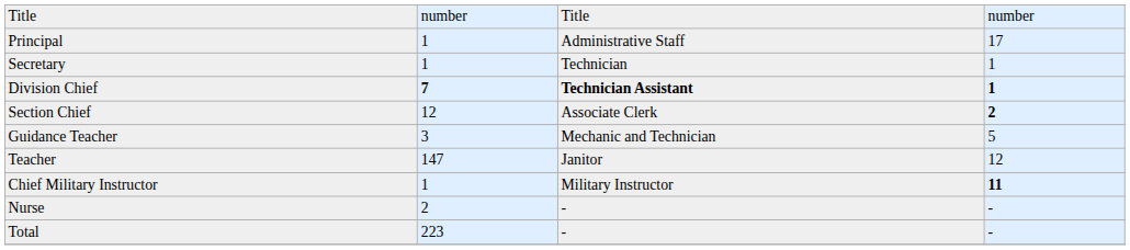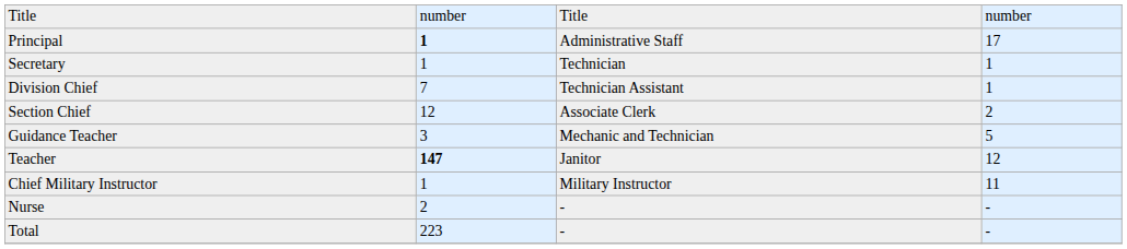 <table class="wikitable" width="75%">
 <tr ---->
 <td bgcolor="#efefef">Title</td>
 <td bgcolor="#dfefff">number</td>
 <td bgcolor="#efefef">Title</td>
 <td bgcolor="#dfefff">number</td>
 </tr>
 <tr ---->
 <td bgcolor="#efefef">Principal</td>
-<td bgcolor="#dfefff">1</td>
+<td bgcolor="#dfefff"><strong>1</strong></td>
 <td bgcolor="#efefef">Administrative Staff</td>
 <td bgcolor="#dfefff">17</td>
 </tr>
 <tr ---->
 <td bgcolor="#efefef">Secretary</td>
 <td bgcolor="#dfefff">1</td>
 <td bgcolor="#efefef">Technician</td>
 <td bgcolor="#dfefff">1</td>
 </tr>
 <tr ---->
 <td bgcolor="#efefef">Division Chief</td>
-<td bgcolor="#dfefff"><strong>7</strong></td>
-<td bgcolor="#efefef"><strong>Technician Assistant</strong></td>
-<td bgcolor="#dfefff"><strong>1</strong></td>
+<td bgcolor="#dfefff">7</td>
+<td bgcolor="#efefef">Technician Assistant</td>
+<td bgcolor="#dfefff">1</td>
 </tr>
 <tr ---->
 <td bgcolor="#efefef">Section Chief</td>
 <td bgcolor="#dfefff">12</td>
 <td bgcolor="#efefef">Associate Clerk</td>
-<td bgcolor="#dfefff"><strong>2</strong></td>
+<td bgcolor="#dfefff">2</td>
 </tr>
 <tr ---->
 <td bgcolor="#efefef">Guidance Teacher</td>
 <td bgcolor="#dfefff">3</td>
 <td bgcolor="#efefef">Mechanic and Technician</td>
 <td bgcolor="#dfefff">5</td>
 </tr>
 <tr ---->
 <td bgcolor="#efefef">Teacher</td>
-<td bgcolor="#dfefff">147</td>
+<td bgcolor="#dfefff"><strong>147</strong></td>
 <td bgcolor="#efefef">Janitor</td>
 <td bgcolor="#dfefff">12</td>
 </tr>
 <tr ---->
 <td bgcolor="#efefef">Chief Military Instructor</td>
 <td bgcolor="#dfefff">1</td>
 <td bgcolor="#efefef">Military Instructor</td>
-<td bgcolor="#dfefff"><strong>11</strong></td>
+<td bgcolor="#dfefff">11</td>
 </tr>
 <tr ---->
 <td bgcolor="#efefef">Nurse</td>
 <td bgcolor="#dfefff">2</td>
 <td bgcolor="#efefef">-</td>
 <td bgcolor="#dfefff">-</td>
 </tr>
 <tr ---->
 <td bgcolor="#efefef">Total</td>
 <td bgcolor="#dfefff">223</td>
 <td bgcolor="#efefef">-</td>
 <td bgcolor="#dfefff">-</td>
 </tr>
 <tr ---->
 </tr>
 </table>
